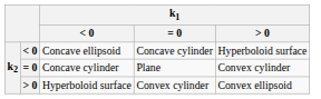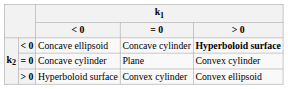 <table class="wikitable">
 <tr>
 <th colspan="2" rowspan="2"></th>
 <th colspan="3">k<sub>1</sub></th>
 </tr>
 <tr>
 <th>< 0</th>
 <th>= 0</th>
 <th>> 0</th>
 </tr>
 <tr>
 <th rowspan=3>k<sub>2</sub></th>
 <th>< 0</th>
 <td>Concave ellipsoid</td>
 <td>Concave cylinder</td>
-<td>Hyperboloid surface</td>
+<td><strong>Hyperboloid surface</strong></td>
 </tr>
 <tr>
 <th>= 0</th>
 <td>Concave cylinder</td>
 <td>Plane</td>
 <td>Convex cylinder</td>
 </tr>
 <tr>
 <th>> 0</th>
 <td>Hyperboloid surface</td>
 <td>Convex cylinder</td>
 <td>Convex ellipsoid</td>
 </tr>
 </table>
